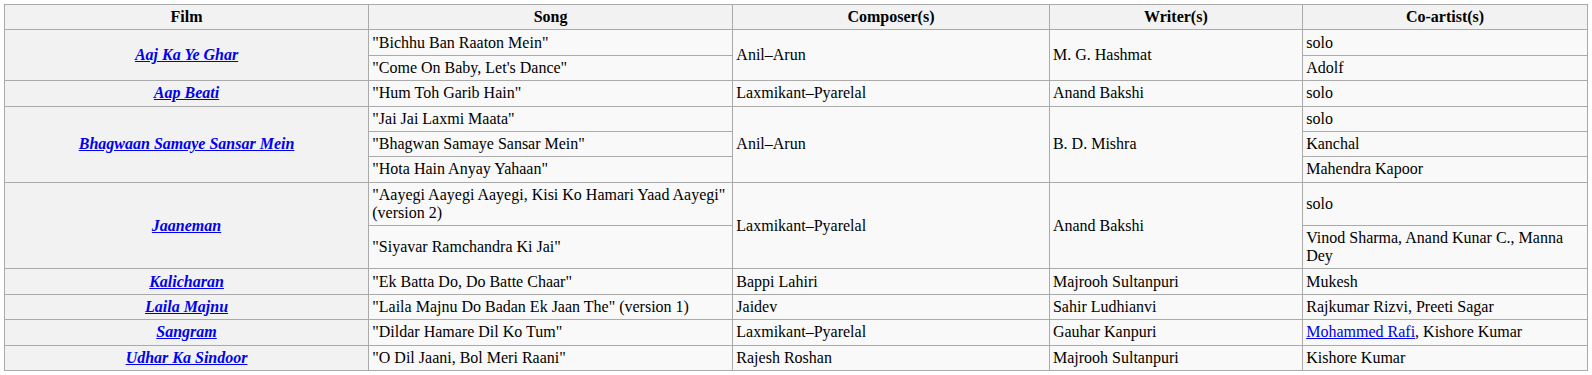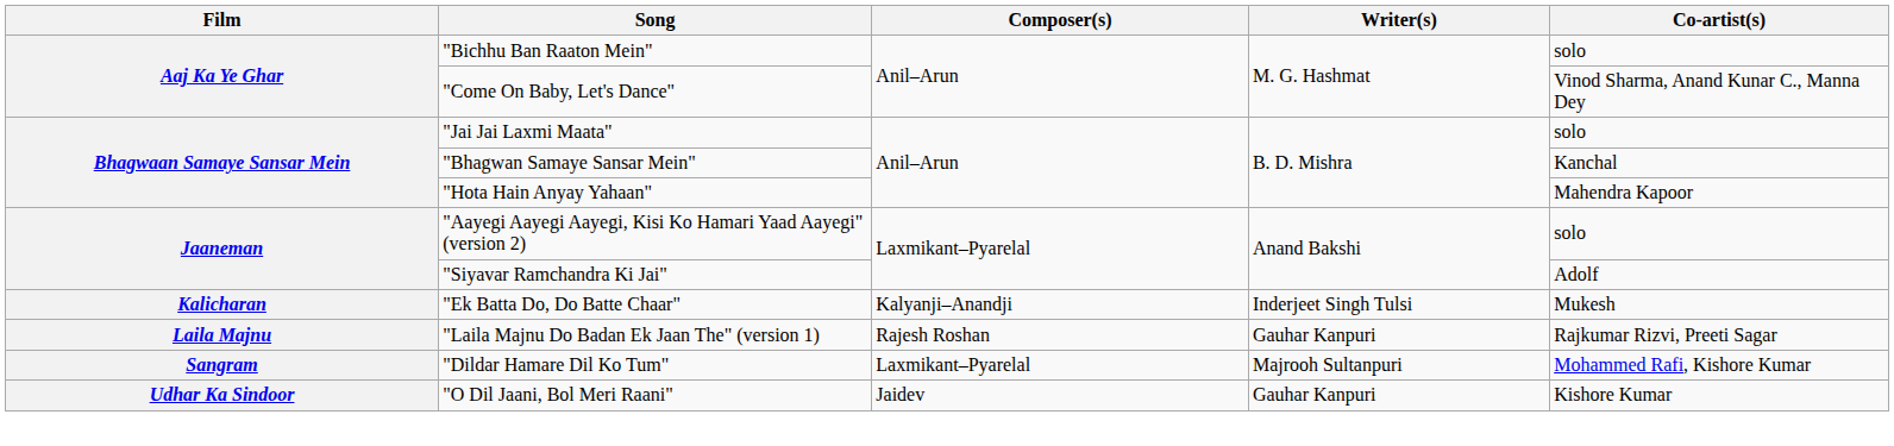 <table class="wikitable plainrowheaders" style="width:100%; textcolor:#000">
 <tr style="background:#b0e0e66;">
 <th scope="col" style="width:23%;"><strong>Film</strong></th>
 <th scope="col" style="width:23%;"><strong>Song</strong></th>
 <th scope="col" style="width:20%;"><strong>Composer(s)</strong></th>
 <th scope="col" style="width:16%;"><strong>Writer(s)</strong></th>
 <th scope="col" style="width:18%;"><strong>Co-artist(s)</strong></th>
 </tr>
 <tr>
 <th Rowspan=2><em><a href='#'>Aaj Ka Ye Ghar</a></em></th>
 <td>"Bichhu Ban Raaton Mein"</td>
 <td rowspan=2>Anil–Arun</td>
 <td rowspan=2>M. G. Hashmat</td>
 <td rowspan=1>solo</td>
 </tr>
 <tr>
 <td>"Come On Baby, Let's Dance"</td>
-<td>Adolf</td>
-</tr>
-<tr>
-<th><em><a href='#'>Aap Beati</a></em></th>
-<td>"Hum Toh Garib Hain"</td>
-<td>Laxmikant–Pyarelal</td>
-<td>Anand Bakshi</td>
-<td>solo</td>
+<td>Vinod Sharma, Anand Kunar C., Manna Dey</td>
 </tr>
 <tr>
 <th Rowspan=3><em><a href='#'>Bhagwaan Samaye Sansar Mein</a></em></th>
 <td>"Jai Jai Laxmi Maata"</td>
 <td rowspan=3>Anil–Arun</td>
 <td rowspan=3>B. D. Mishra</td>
 <td rowspan=1>solo</td>
 </tr>
 <tr>
 <td>"Bhagwan Samaye Sansar Mein"</td>
 <td>Kanchal</td>
 </tr>
 <tr>
 <td>"Hota Hain Anyay Yahaan"</td>
 <td>Mahendra Kapoor</td>
 </tr>
 <tr>
 <th Rowspan=2><em><a href='#'>Jaaneman</a></em></th>
 <td>"Aayegi Aayegi Aayegi, Kisi Ko Hamari Yaad Aayegi" (version 2)</td>
 <td rowspan=2>Laxmikant–Pyarelal</td>
 <td rowspan=2>Anand Bakshi</td>
 <td rowspan=1>solo</td>
 </tr>
 <tr>
 <td>"Siyavar Ramchandra Ki Jai"</td>
-<td>Vinod Sharma, Anand Kunar C., Manna Dey</td>
+<td>Adolf</td>
 </tr>
 <tr>
 <th><em><a href='#'>Kalicharan</a></em></th>
 <td>"Ek Batta Do, Do Batte Chaar"</td>
-<td>Bappi Lahiri</td>
-<td>Majrooh Sultanpuri</td>
+<td>Kalyanji–Anandji</td>
+<td>Inderjeet Singh Tulsi</td>
 <td>Mukesh</td>
 </tr>
 <tr>
 <th><em><a href='#'>Laila Majnu</a></em></th>
 <td>"Laila Majnu Do Badan Ek Jaan The" (version 1)</td>
-<td>Jaidev</td>
-<td>Sahir Ludhianvi</td>
+<td>Rajesh Roshan</td>
+<td>Gauhar Kanpuri</td>
 <td>Rajkumar Rizvi, Preeti Sagar</td>
 </tr>
 <tr>
 <th><em><a href='#'>Sangram</a></em></th>
 <td>"Dildar Hamare Dil Ko Tum"</td>
 <td>Laxmikant–Pyarelal</td>
-<td>Gauhar Kanpuri</td>
+<td>Majrooh Sultanpuri</td>
 <td><a href='#'>Mohammed Rafi</a>, Kishore Kumar</td>
 </tr>
 <tr>
 <th><em><a href='#'>Udhar Ka Sindoor</a></em></th>
 <td>"O Dil Jaani, Bol Meri Raani"</td>
-<td>Rajesh Roshan</td>
-<td>Majrooh Sultanpuri</td>
+<td>Jaidev</td>
+<td>Gauhar Kanpuri</td>
 <td>Kishore Kumar</td>
 </tr>
 <tr>
 </tr>
 </table>
